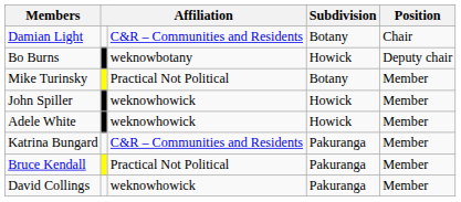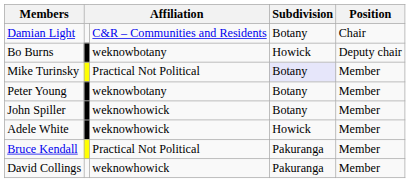 <table class="wikitable sortable">
 <tr>
 <th>Members</th>
 <th colspan=2>Affiliation</th>
 <th>Subdivision</th>
 <th>Position</th>
 </tr>
 <tr>
 <td><a href='#'>Damian Light</a></td>
 <td style="background-color:"></td>
 <td><a href='#'>C&R – Communities and Residents</a></td>
 <td>Botany</td>
 <td>Chair</td>
 </tr>
 <tr>
 <td>Bo Burns</td>
 <td style="background-color:black"></td>
 <td>weknowbotany</td>
 <td>Howick</td>
 <td>Deputy chair</td>
 </tr>
 <tr>
 <td>Mike Turinsky</td>
 <td style="background-color:yellow"></td>
 <td>Practical Not Political</td>
+<td style="background: lavender;">Botany</td>
+<td>Member</td>
+</tr>
+<tr>
+<td>Peter Young</td>
+<td style="background-color:black"></td>
+<td>weknowbotany</td>
 <td>Botany</td>
 <td>Member</td>
 </tr>
 <tr>
 <td>John Spiller</td>
 <td style="background-color:black"></td>
 <td>weknowhowick</td>
-<td>Howick</td>
+<td>Botany</td>
 <td>Member</td>
 </tr>
 <tr>
 <td>Adele White</td>
 <td style="background-color:black"></td>
 <td>weknowhowick</td>
 <td>Howick</td>
-<td>Member</td>
-</tr>
-<tr>
-<td>Katrina Bungard</td>
-<td style="background-color:"></td>
-<td><a href='#'>C&R – Communities and Residents</a></td>
-<td>Pakuranga</td>
 <td>Member</td>
 </tr>
 <tr>
 <td><a href='#'>Bruce Kendall</a></td>
 <td style="background-color:yellow"></td>
 <td>Practical Not Political</td>
 <td>Pakuranga</td>
 <td>Member</td>
 </tr>
 <tr>
 <td>David Collings</td>
 <td style="background-color:"></td>
 <td>weknowhowick</td>
 <td>Pakuranga</td>
 <td>Member</td>
 </tr>
 </table>
